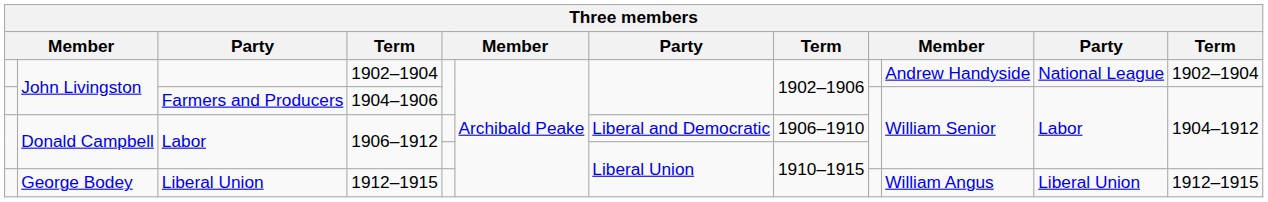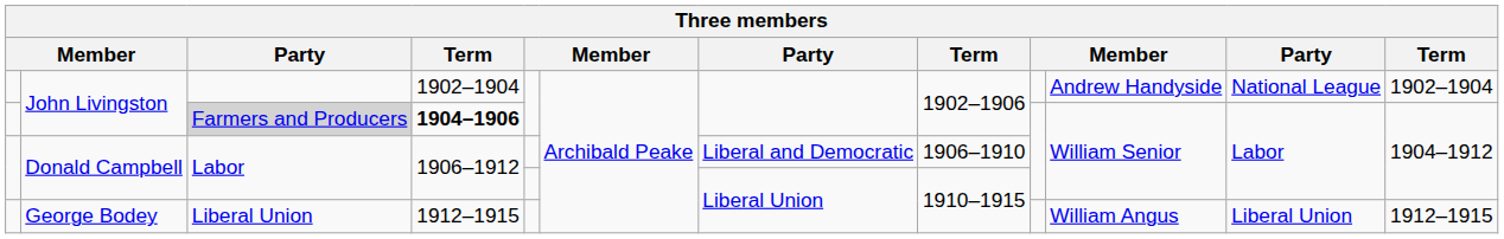 <table class="wikitable">
 <tr>
 <th colspan=12>Three members</th>
 </tr>
 <tr>
 <th colspan=2>Member</th>
 <th>Party</th>
 <th>Term</th>
 <th colspan=2>Member</th>
 <th>Party</th>
 <th>Term</th>
 <th colspan=2>Member</th>
 <th>Party</th>
 <th>Term</th>
 </tr>
 <tr>
 <td> </td>
 <td rowspan=2><a href='#'>John Livingston</a></td>
 <td></td>
 <td>1902–1904</td>
 <td rowspan=2   > </td>
 <td rowspan=5><a href='#'>Archibald Peake</a></td>
 <td rowspan=2></td>
 <td rowspan=2>1902–1906</td>
 <td> </td>
 <td><a href='#'>Andrew Handyside</a></td>
 <td><a href='#'>National League</a></td>
 <td>1902–1904</td>
 </tr>
 <tr>
 <td> </td>
-<td><a href='#'>Farmers and Producers</a></td>
-<td>1904–1906</td>
+<td style="background: lightgrey;"><a href='#'>Farmers and Producers</a></td>
+<td><strong>1904–1906</strong></td>
 <td rowspan=3 > </td>
 <td rowspan=3><a href='#'>William Senior</a></td>
 <td rowspan=3><a href='#'>Labor</a></td>
 <td rowspan=3>1904–1912</td>
 </tr>
 <tr>
 <td rowspan="2" > </td>
 <td rowspan="2"><a href='#'>Donald Campbell</a></td>
 <td rowspan="2"><a href='#'>Labor</a></td>
 <td rowspan="2">1906–1912</td>
 <td> </td>
 <td><a href='#'>Liberal and Democratic</a></td>
 <td>1906–1910</td>
 </tr>
 <tr>
 <td> </td>
 <td rowspan="2"><a href='#'>Liberal Union</a></td>
 <td rowspan="2">1910–1915</td>
 </tr>
 <tr>
 <td> </td>
 <td><a href='#'>George Bodey</a></td>
 <td><a href='#'>Liberal Union</a></td>
 <td>1912–1915</td>
 <td> </td>
 <td> </td>
 <td><a href='#'>William Angus</a></td>
 <td><a href='#'>Liberal Union</a></td>
 <td>1912–1915</td>
 </tr>
 </table>
